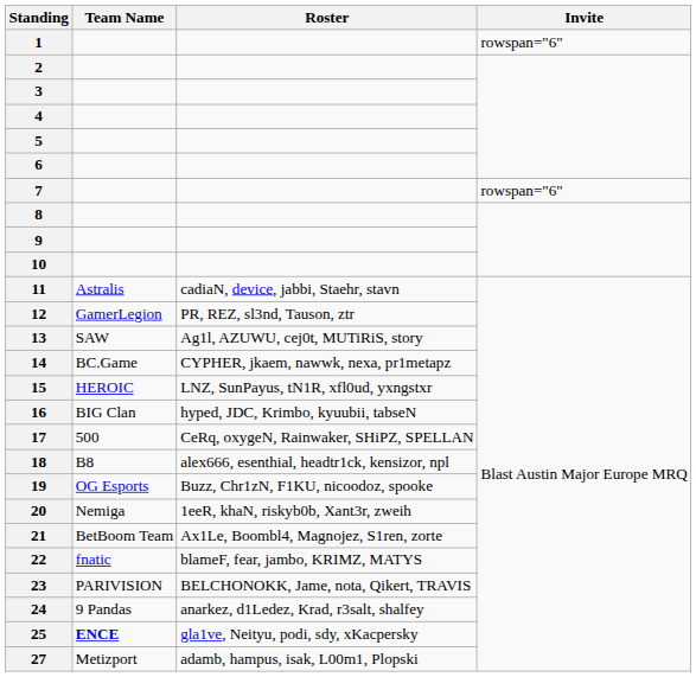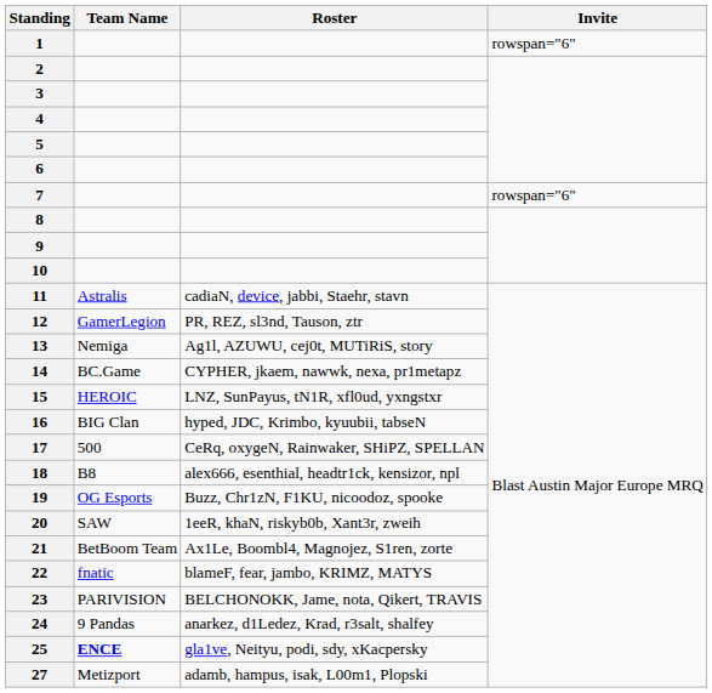 <table class="wikitable col2center col3center col4center">
 <tr>
 <th>Standing</th>
 <th>Team Name</th>
 <th>Roster</th>
 <th>Invite</th>
 </tr>
 <tr>
 <th>1</th>
 <td></td>
 <td></td>
 <td>rowspan="6" </td>
 </tr>
 <tr>
 <th>2</th>
 <td></td>
 <td></td>
 </tr>
 <tr>
 <th>3</th>
 <td></td>
 <td></td>
 </tr>
 <tr>
 <th>4</th>
 <td></td>
 <td></td>
 </tr>
 <tr>
 <th>5</th>
 <td></td>
 <td></td>
 </tr>
 <tr>
 <th>6</th>
 <td></td>
 <td></td>
 </tr>
 <tr>
 <th>7</th>
 <td></td>
 <td></td>
 <td>rowspan="6" </td>
 </tr>
 <tr>
 <th>8</th>
 <td></td>
 <td></td>
 </tr>
 <tr>
 <th>9</th>
 <td></td>
 <td></td>
 </tr>
 <tr>
 <th>10</th>
 <td></td>
 <td></td>
 </tr>
 <tr>
 <th>11</th>
 <td><a href='#'>Astralis</a></td>
 <td>cadiaN, <a href='#'>device</a>, jabbi, Staehr, stavn</td>
 <td rowspan="16">Blast Austin Major Europe MRQ</td>
 </tr>
 <tr>
 <th>12</th>
 <td><a href='#'>GamerLegion</a></td>
 <td>PR, REZ, sl3nd, Tauson, ztr</td>
 </tr>
 <tr>
 <th>13</th>
-<td>SAW</td>
+<td>Nemiga</td>
 <td>Ag1l, AZUWU, cej0t, MUTiRiS, story</td>
 </tr>
 <tr>
 <th>14</th>
 <td>BC.Game</td>
 <td>CYPHER, jkaem, nawwk, nexa, pr1metapz</td>
 </tr>
 <tr>
 <th>15</th>
 <td><a href='#'>HEROIC</a></td>
 <td>LNZ, SunPayus, tN1R, xfl0ud, yxngstxr</td>
 </tr>
 <tr>
 <th>16</th>
 <td>BIG Clan</td>
 <td>hyped, JDC, Krimbo, kyuubii, tabseN</td>
 </tr>
 <tr>
 <th>17</th>
 <td>500</td>
 <td>CeRq, oxygeN, Rainwaker, SHiPZ, SPELLAN</td>
 </tr>
 <tr>
 <th>18</th>
 <td>B8</td>
 <td>alex666, esenthial, headtr1ck, kensizor, npl</td>
 </tr>
 <tr>
 <th>19</th>
 <td><a href='#'>OG Esports</a></td>
 <td>Buzz, Chr1zN, F1KU, nicoodoz, spooke</td>
 </tr>
 <tr>
 <th>20</th>
-<td>Nemiga</td>
+<td>SAW</td>
 <td>1eeR, khaN, riskyb0b, Xant3r, zweih</td>
 </tr>
 <tr>
 <th>21</th>
 <td>BetBoom Team</td>
 <td>Ax1Le, Boombl4, Magnojez, S1ren, zorte</td>
 </tr>
 <tr>
 <th>22</th>
 <td><a href='#'>fnatic</a></td>
 <td>blameF, fear, jambo, KRIMZ, MATYS</td>
 </tr>
 <tr>
 <th>23</th>
 <td>PARIVISION</td>
 <td>BELCHONOKK, Jame, nota, Qikert, TRAVIS</td>
 </tr>
 <tr>
 <th>24</th>
 <td>9 Pandas</td>
 <td>anarkez, d1Ledez, Krad, r3salt, shalfey</td>
 </tr>
 <tr>
 <th>25</th>
 <td><strong><a href='#'>ENCE</a></strong></td>
 <td><a href='#'>gla1ve</a>, Neityu, podi, sdy, xKacpersky</td>
 </tr>
 <tr>
 <th>27</th>
 <td>Metizport</td>
 <td>adamb, hampus, isak, L00m1, Plopski</td>
 </tr>
 </table>
